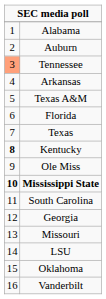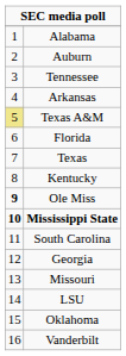 <table class="wikitable" style="display: inline-table;">
 <tr>
 <td align="center" Colspan="3"><strong>SEC media poll</strong></td>
 </tr>
 <tr align="center">
 </tr>
 <tr align="center">
 <td>1</td>
 <td>Alabama</td>
 </tr>
 <tr align="center">
 <td>2</td>
 <td>Auburn</td>
 </tr>
 <tr align="center">
-<td style="background: lightsalmon;">3</td>
+<td>3</td>
 <td>Tennessee</td>
 </tr>
 <tr align="center">
 <td>4</td>
 <td>Arkansas</td>
 </tr>
 <tr align="center">
-<td>5</td>
+<td style="background: khaki;">5</td>
 <td>Texas A&M</td>
 </tr>
 <tr align="center">
 <td>6</td>
 <td>Florida</td>
 </tr>
 <tr align="center">
 <td>7</td>
 <td>Texas</td>
 </tr>
 <tr align="center">
-<td><strong>8</strong></td>
+<td>8</td>
 <td>Kentucky</td>
 </tr>
 <tr align="center">
-<td>9</td>
+<td><strong>9</strong></td>
 <td>Ole Miss</td>
 </tr>
 <tr align="center">
 <td><strong>10</strong></td>
 <td><strong>Mississippi State</strong></td>
 </tr>
 <tr align="center">
 <td>11</td>
 <td>South Carolina</td>
 </tr>
 <tr align="center">
 <td>12</td>
 <td>Georgia</td>
 </tr>
 <tr align="center">
 <td>13</td>
 <td>Missouri</td>
 </tr>
 <tr align="center">
 <td>14</td>
 <td>LSU</td>
 </tr>
 <tr align="center">
 <td>15</td>
 <td>Oklahoma</td>
 </tr>
 <tr align="center">
 <td>16</td>
 <td>Vanderbilt</td>
 </tr>
 </table>
